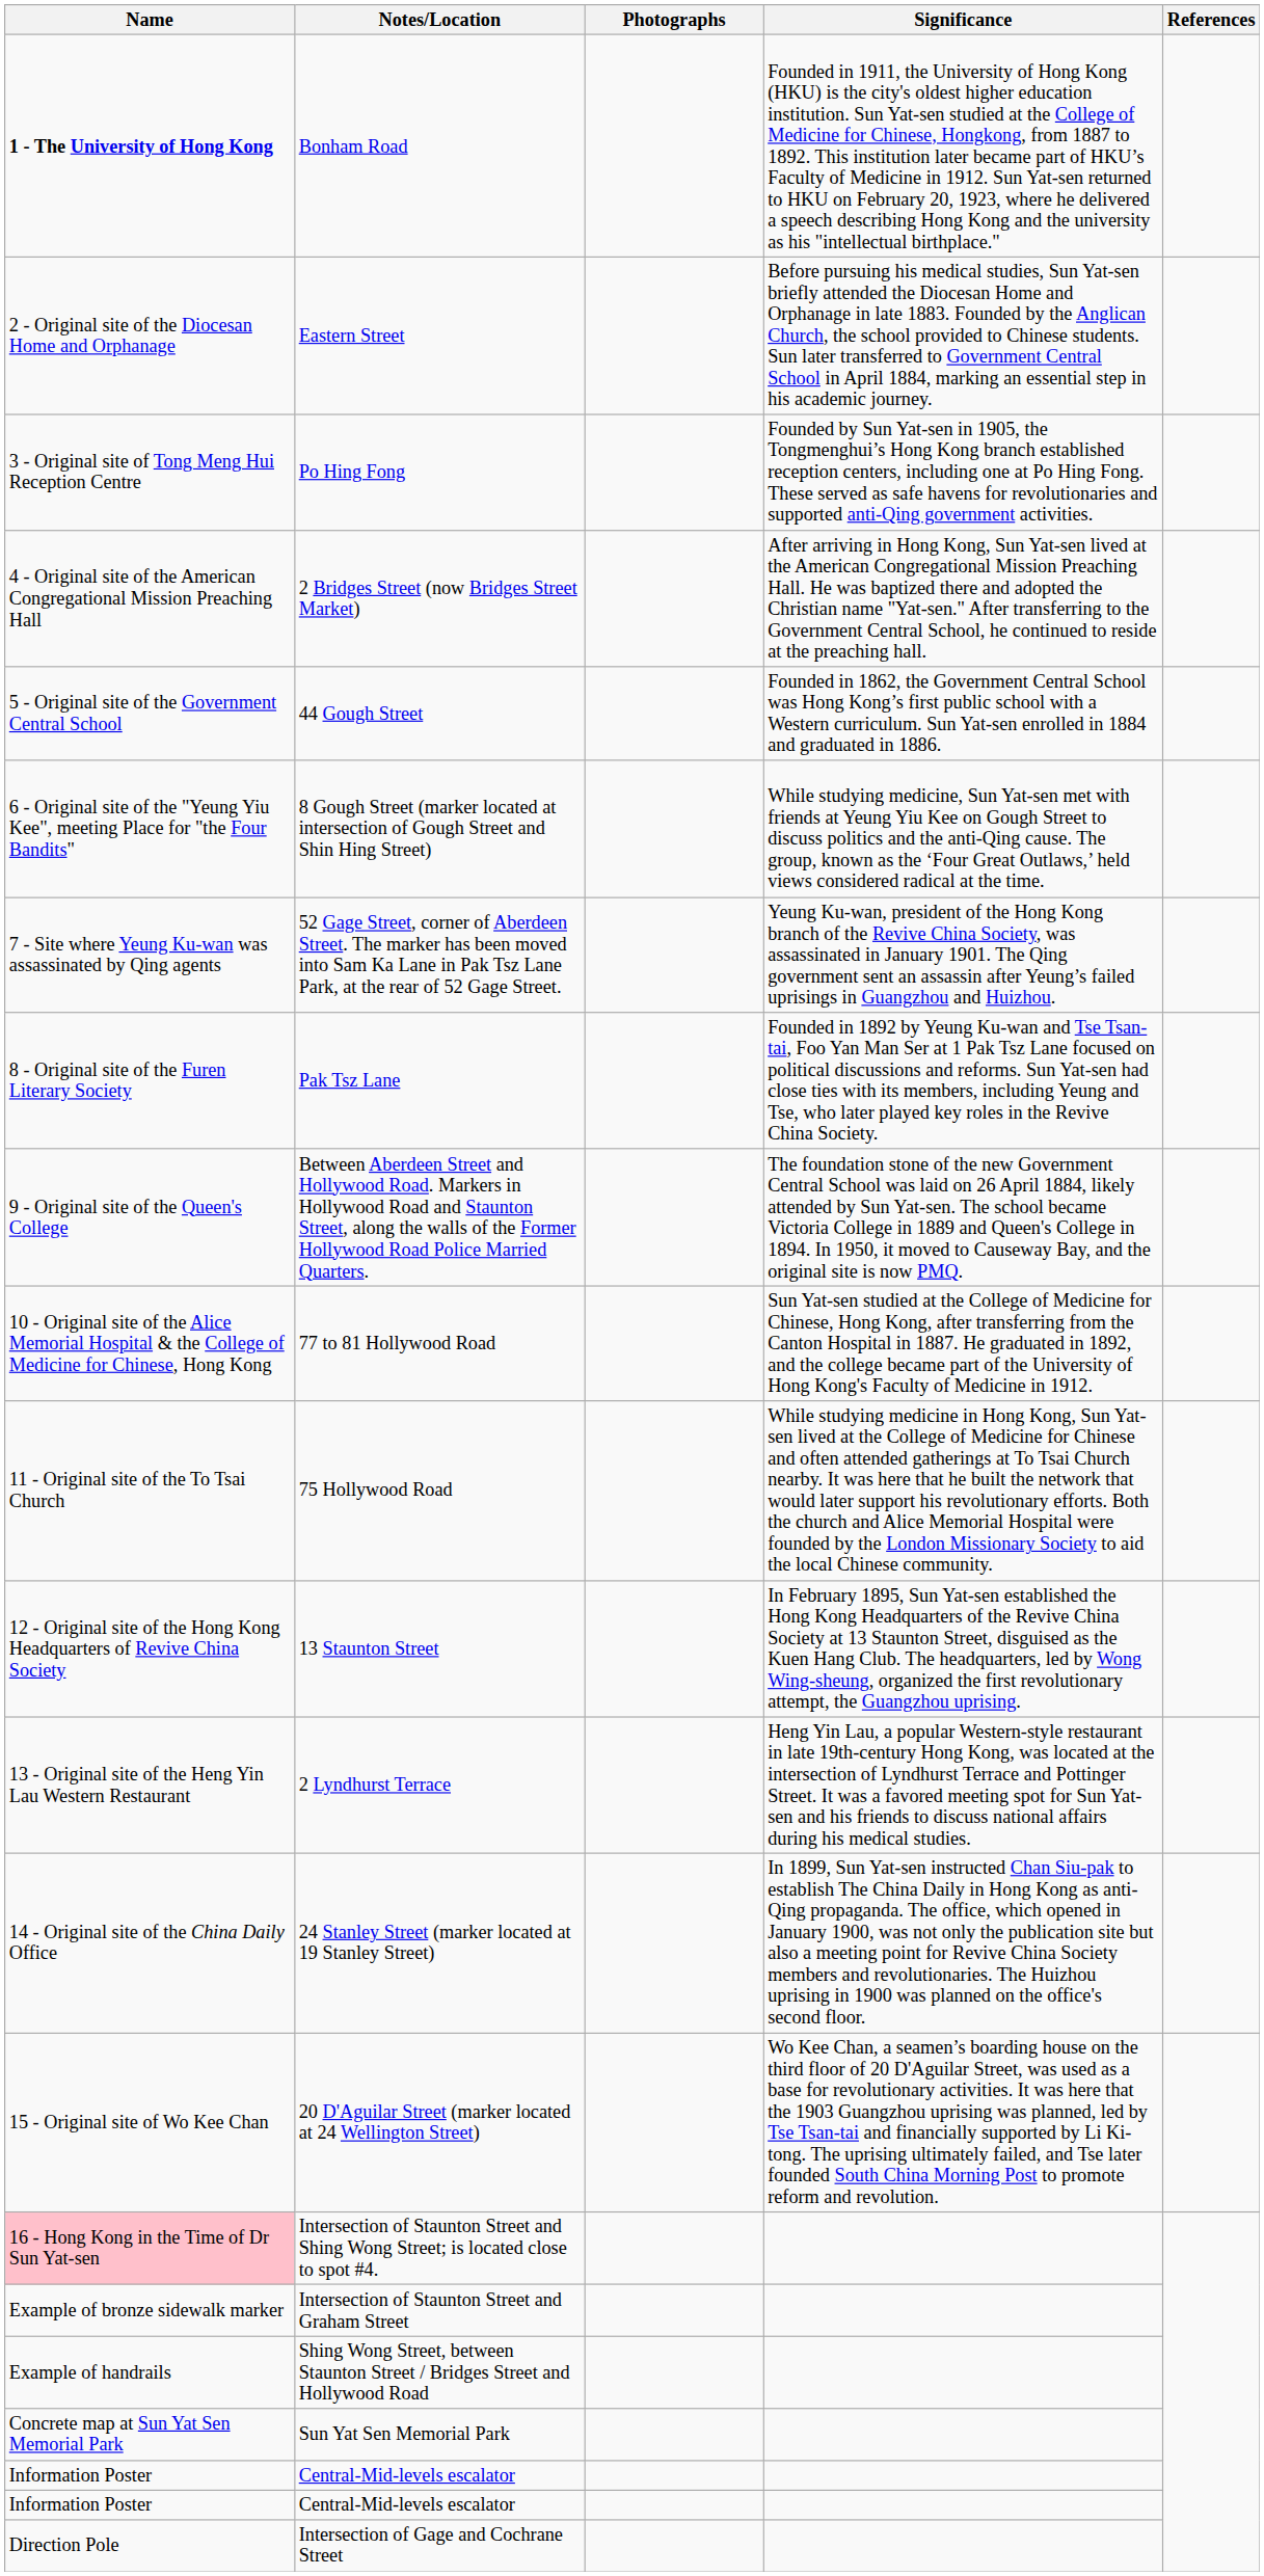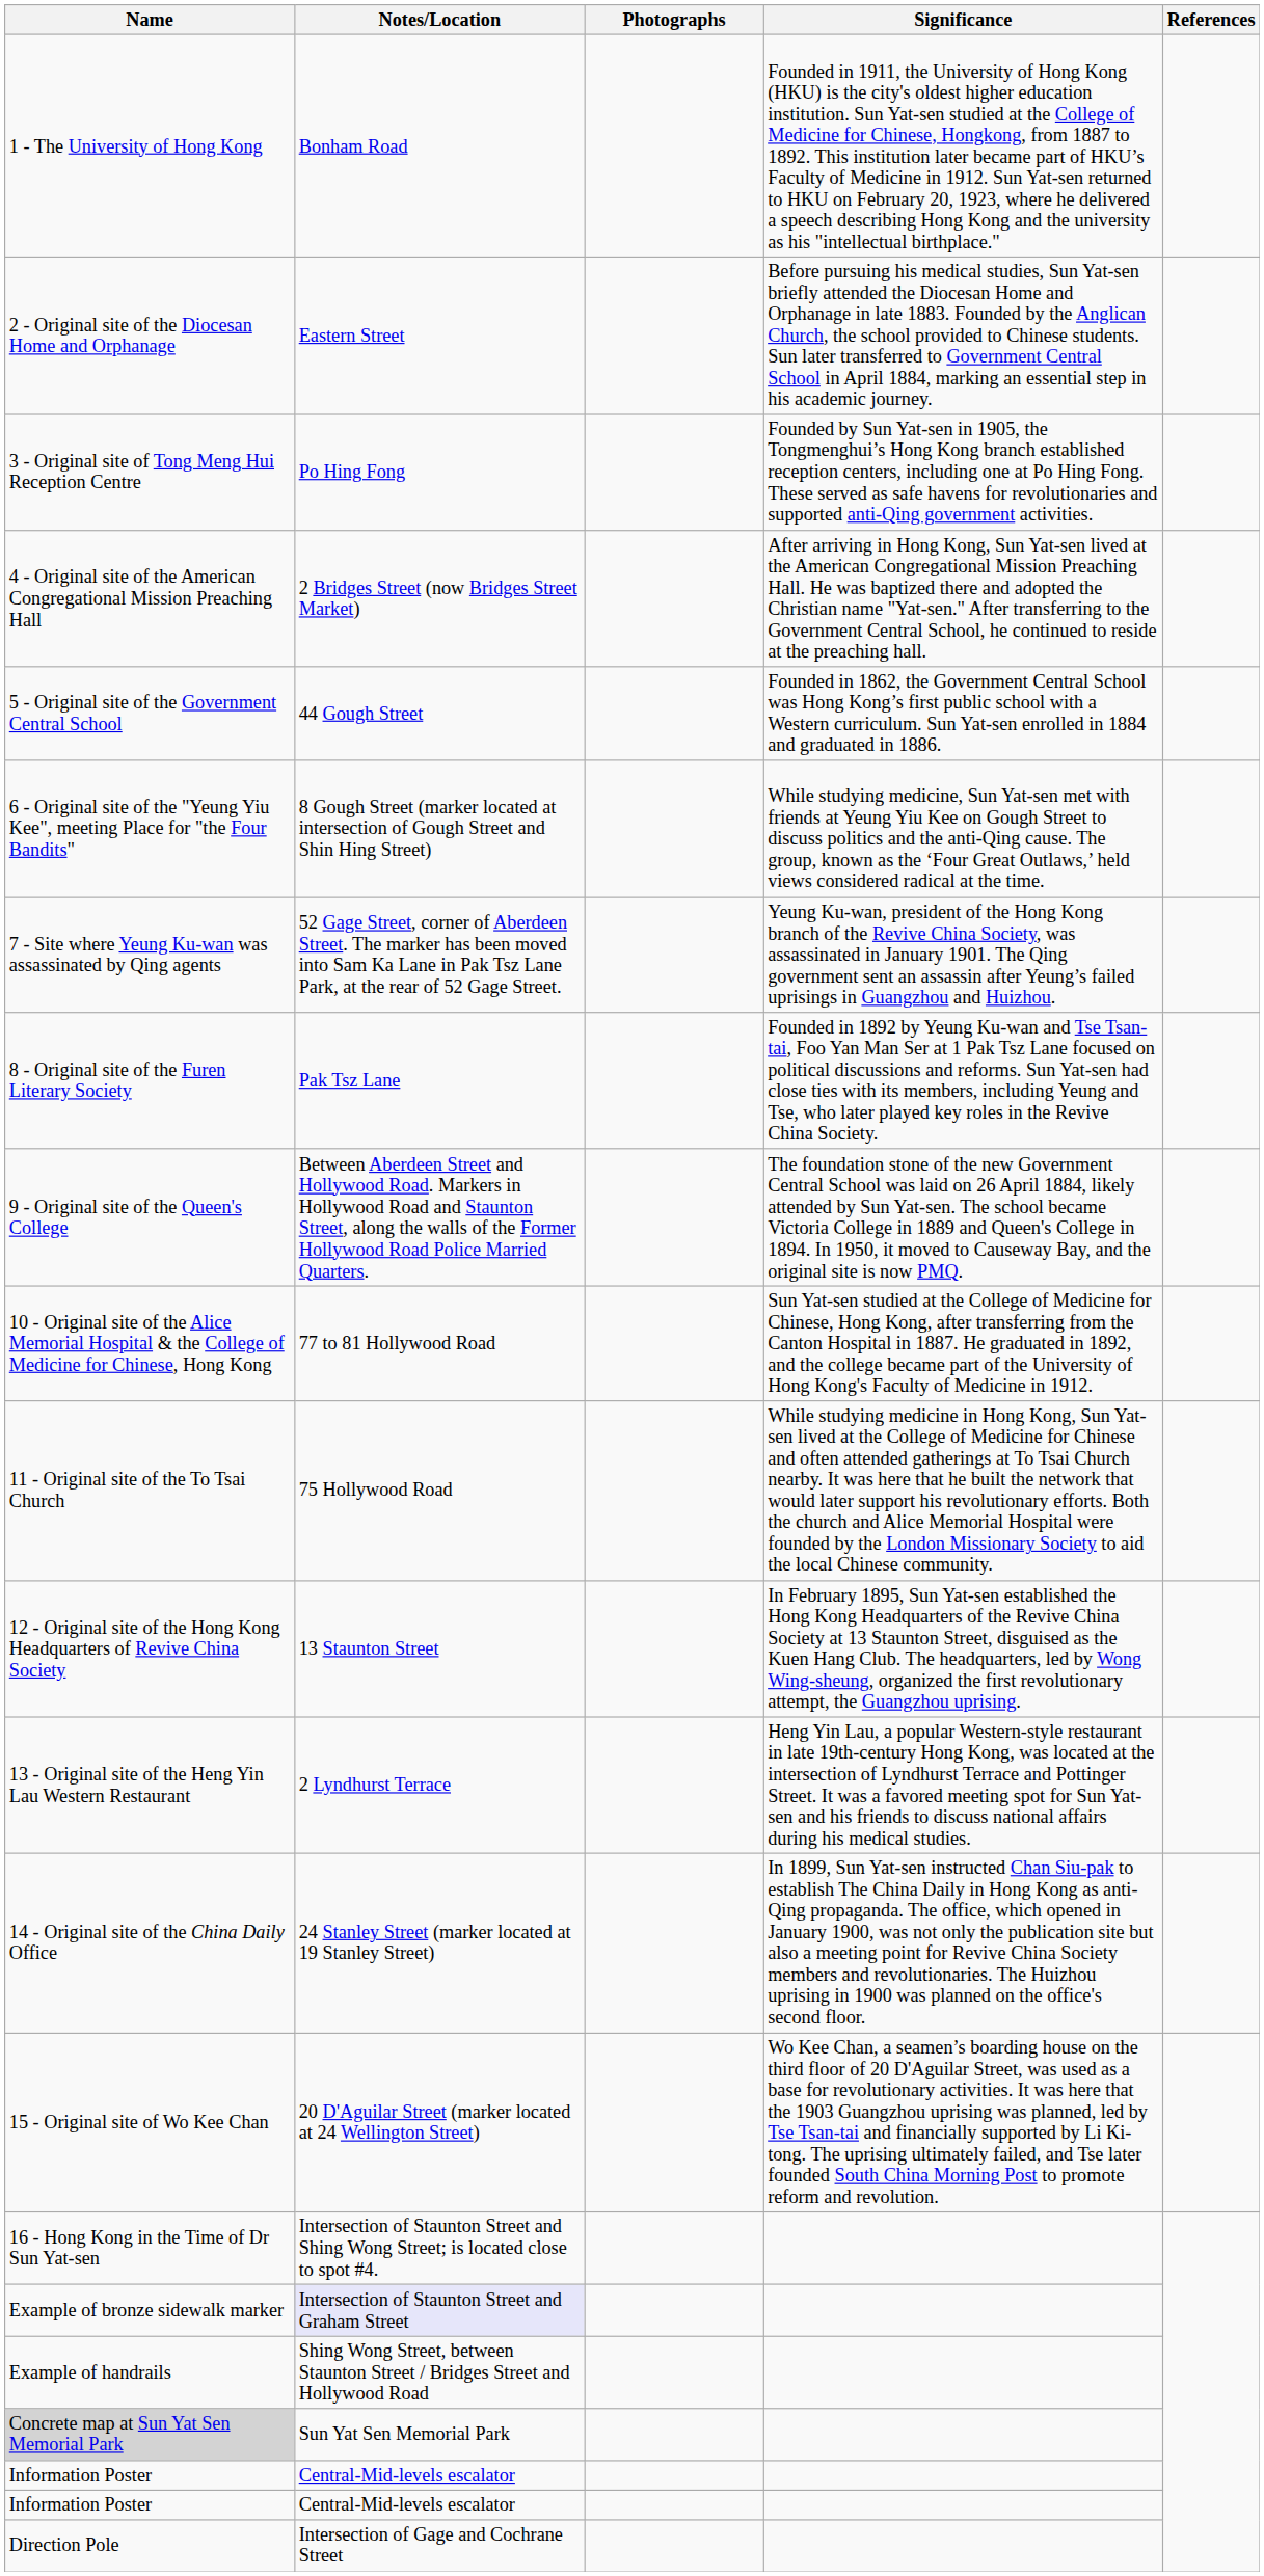 <table class="wikitable sortable" style="width:120%;">
 <tr>
 <th style="width:25%;">Name</th>
 <th style="width:25%;">Notes/Location</th>
 <th style="width:15%;">Photographs</th>
 <th style="width:50%;">Significance</th>
 <th style="width:5%;">References</th>
 </tr>
 <tr>
-<td><strong>1 - The <a href='#'>University of Hong Kong</a></strong></td>
+<td>1 - The <a href='#'>University of Hong Kong</a></td>
 <td><a href='#'>Bonham Road</a></td>
 <td></td>
 <td><br>Founded in 1911, the University of Hong Kong (HKU) is the city's oldest higher education institution. Sun Yat-sen studied at the <a href='#'>College of Medicine for Chinese, Hongkong</a>, from 1887 to 1892. This institution later became part of HKU’s Faculty of Medicine in 1912. Sun Yat-sen returned to HKU on February 20, 1923, where he delivered a speech describing Hong Kong and the university as his "intellectual birthplace."</td>
 <td><br></td>
 </tr>
 <tr>
 <td>2 - Original site of the <a href='#'>Diocesan Home and Orphanage</a></td>
 <td><a href='#'>Eastern Street</a></td>
 <td></td>
 <td>Before pursuing his medical studies, Sun Yat-sen briefly attended the Diocesan Home and Orphanage in late 1883. Founded by the <a href='#'>Anglican Church</a>, the school provided  to Chinese students. Sun later transferred to <a href='#'>Government Central School</a> in April 1884, marking an essential step in his academic journey.</td>
 <td></td>
 </tr>
 <tr>
 <td>3 - Original site of <a href='#'>Tong Meng Hui</a> Reception Centre</td>
 <td><a href='#'>Po Hing Fong</a></td>
 <td></td>
 <td>Founded by Sun Yat-sen in 1905, the Tongmenghui’s Hong Kong branch established reception centers, including one at Po Hing Fong. These served as safe havens for revolutionaries and supported <a href='#'>anti-Qing government</a> activities.</td>
 <td></td>
 </tr>
 <tr>
 <td>4 - Original site of the American Congregational Mission Preaching Hall</td>
 <td>2 <a href='#'>Bridges Street</a> (now <a href='#'>Bridges Street Market</a>)</td>
 <td></td>
 <td>After arriving in Hong Kong, Sun Yat-sen lived at the American Congregational Mission Preaching Hall. He was baptized there and adopted the Christian name "Yat-sen." After transferring to the Government Central School, he continued to reside at the preaching hall.</td>
 <td><br></td>
 </tr>
 <tr>
 <td>5 - Original site of the <a href='#'>Government Central School</a></td>
 <td>44 <a href='#'>Gough Street</a></td>
 <td></td>
 <td>Founded in 1862, the Government Central School was Hong Kong’s first public school with a Western curriculum. Sun Yat-sen enrolled in 1884 and graduated in 1886.</td>
 <td><br></td>
 </tr>
 <tr>
 <td>6 - Original site of the "Yeung Yiu Kee", meeting Place for "the <a href='#'>Four Bandits</a>"</td>
 <td>8 Gough Street (marker located at intersection of Gough Street and Shin Hing Street)</td>
 <td></td>
 <td><br>While studying medicine, Sun Yat-sen met with friends at Yeung Yiu Kee on Gough Street to discuss politics and the anti-Qing cause. The group, known as the ‘Four Great Outlaws,’ held views considered radical at the time.</td>
 <td><br></td>
 </tr>
 <tr>
 <td>7 - Site where <a href='#'>Yeung Ku-wan</a> was assassinated by Qing agents</td>
 <td>52 <a href='#'>Gage Street</a>, corner of <a href='#'>Aberdeen Street</a>. The marker has been moved into Sam Ka Lane in Pak Tsz Lane Park, at the rear of 52 Gage Street.</td>
 <td></td>
 <td>Yeung Ku-wan, president of the Hong Kong branch of the <a href='#'>Revive China Society</a>, was assassinated in January 1901. The Qing government sent an assassin after Yeung’s failed uprisings in <a href='#'>Guangzhou</a> and <a href='#'>Huizhou</a>.</td>
 <td><br></td>
 </tr>
 <tr>
 <td>8 - Original site of the <a href='#'>Furen Literary Society</a></td>
 <td><a href='#'>Pak Tsz Lane</a></td>
 <td></td>
 <td>Founded in 1892 by Yeung Ku-wan and <a href='#'>Tse Tsan-tai</a>, Foo Yan Man Ser at 1 Pak Tsz Lane focused on political discussions and reforms. Sun Yat-sen had close ties with its members, including Yeung and Tse, who later played key roles in the Revive China Society.</td>
 <td><br></td>
 </tr>
 <tr>
 <td>9 - Original site of the <a href='#'>Queen's College</a></td>
 <td>Between <a href='#'>Aberdeen Street</a> and <a href='#'>Hollywood Road</a>. Markers in Hollywood Road and <a href='#'>Staunton Street</a>, along the walls of the <a href='#'>Former Hollywood Road Police Married Quarters</a>.</td>
 <td></td>
 <td>The foundation stone of the new Government Central School was laid on 26 April 1884, likely attended by Sun Yat-sen. The school became Victoria College in 1889 and Queen's College in 1894. In 1950, it moved to Causeway Bay, and the original site is now <a href='#'>PMQ</a>.</td>
 <td><br></td>
 </tr>
 <tr>
 <td>10 - Original site of the <a href='#'>Alice Memorial Hospital</a> & the <a href='#'>College of Medicine for Chinese</a>, Hong Kong</td>
 <td>77 to 81 Hollywood Road</td>
 <td></td>
 <td>Sun Yat-sen studied at the College of Medicine for Chinese, Hong Kong, after transferring from the Canton Hospital in 1887. He graduated in 1892, and the college became part of the University of Hong Kong's Faculty of Medicine in 1912.</td>
 <td><br></td>
 </tr>
 <tr>
 <td>11 - Original site of the To Tsai Church</td>
 <td>75 Hollywood Road</td>
 <td></td>
 <td>While studying medicine in Hong Kong, Sun Yat-sen lived at the College of Medicine for Chinese and often attended gatherings at To Tsai Church nearby. It was here that he built the network that would later support his revolutionary efforts. Both the church and Alice Memorial Hospital were founded by the <a href='#'>London Missionary Society</a> to aid the local Chinese community.</td>
 <td><br></td>
 </tr>
 <tr>
 <td>12 - Original site of the Hong Kong Headquarters of <a href='#'>Revive China Society</a></td>
 <td>13 <a href='#'>Staunton Street</a></td>
 <td></td>
 <td>In February 1895, Sun Yat-sen established the Hong Kong Headquarters of the Revive China Society at 13 Staunton Street, disguised as the Kuen Hang Club. The headquarters, led by <a href='#'>Wong Wing-sheung</a>, organized the first revolutionary attempt, the <a href='#'>Guangzhou uprising</a>.</td>
 <td><br></td>
 </tr>
 <tr>
 <td>13 - Original site of the Heng Yin Lau Western Restaurant</td>
 <td>2 <a href='#'>Lyndhurst Terrace</a></td>
 <td></td>
 <td>Heng Yin Lau, a popular Western-style restaurant in late 19th-century Hong Kong, was located at the intersection of Lyndhurst Terrace and Pottinger Street. It was a favored meeting spot for Sun Yat-sen and his friends to discuss national affairs during his medical studies.</td>
 <td><br></td>
 </tr>
 <tr>
 <td>14 - Original site of the <em>China Daily</em> Office</td>
 <td>24 <a href='#'>Stanley Street</a> (marker located at 19 Stanley Street)</td>
 <td></td>
 <td>In 1899, Sun Yat-sen instructed <a href='#'>Chan Siu-pak</a> to establish The China Daily in Hong Kong as anti-Qing propaganda. The office, which opened in January 1900, was not only the publication site but also a meeting point for Revive China Society members and revolutionaries. The Huizhou uprising in 1900 was planned on the office's second floor.</td>
 <td><br></td>
 </tr>
 <tr>
 <td>15 - Original site of Wo Kee Chan</td>
 <td>20 <a href='#'>D'Aguilar Street</a> (marker located at 24 <a href='#'>Wellington Street</a>)</td>
 <td></td>
 <td>Wo Kee Chan, a seamen’s boarding house on the third floor of 20 D'Aguilar Street, was used as a base for revolutionary activities. It was here that the 1903 Guangzhou uprising was planned, led by <a href='#'>Tse Tsan-tai</a> and financially supported by Li Ki-tong. The uprising ultimately failed, and Tse later founded <a href='#'>South China Morning Post</a> to promote reform and revolution.</td>
 <td><br></td>
 </tr>
 <tr>
-<td style="background: pink;">16 - Hong Kong in the Time of Dr Sun Yat-sen</td>
+<td>16 - Hong Kong in the Time of Dr Sun Yat-sen</td>
 <td>Intersection of Staunton Street and Shing Wong Street; is located close to spot #4.</td>
 <td></td>
 <td></td>
 </tr>
 <tr>
 <td>Example of bronze sidewalk marker</td>
-<td>Intersection of Staunton Street and Graham Street</td>
+<td style="background: lavender;">Intersection of Staunton Street and Graham Street</td>
 <td></td>
 <td></td>
 </tr>
 <tr>
 <td>Example of handrails</td>
 <td>Shing Wong Street, between Staunton Street / Bridges Street and Hollywood Road</td>
 <td></td>
 <td></td>
 </tr>
 <tr>
-<td>Concrete map at <a href='#'>Sun Yat Sen Memorial Park</a></td>
+<td style="background: lightgrey;">Concrete map at <a href='#'>Sun Yat Sen Memorial Park</a></td>
 <td>Sun Yat Sen Memorial Park</td>
 <td></td>
 <td></td>
 </tr>
 <tr>
 <td>Information Poster</td>
 <td><a href='#'>Central-Mid-levels escalator</a></td>
 <td></td>
 <td></td>
 </tr>
 <tr>
 <td>Information Poster</td>
 <td>Central-Mid-levels escalator</td>
 <td></td>
 <td></td>
 </tr>
 <tr>
 <td>Direction Pole</td>
 <td>Intersection of Gage and Cochrane Street</td>
 <td></td>
 <td></td>
 </tr>
 </table>
